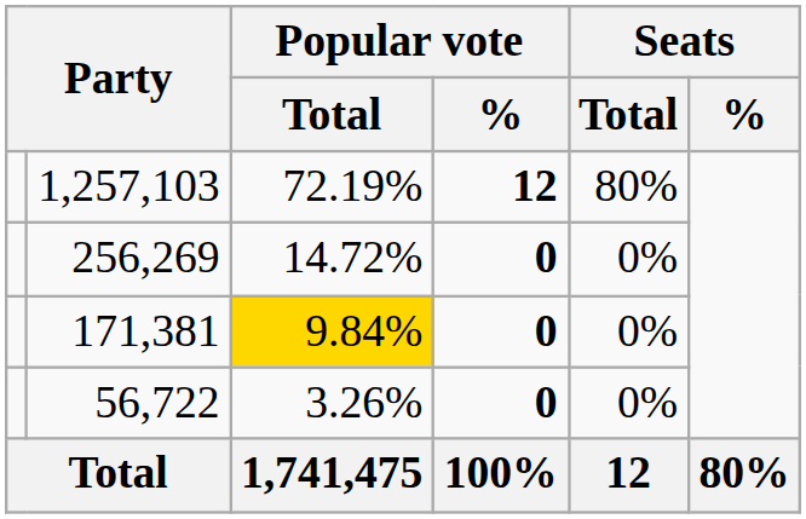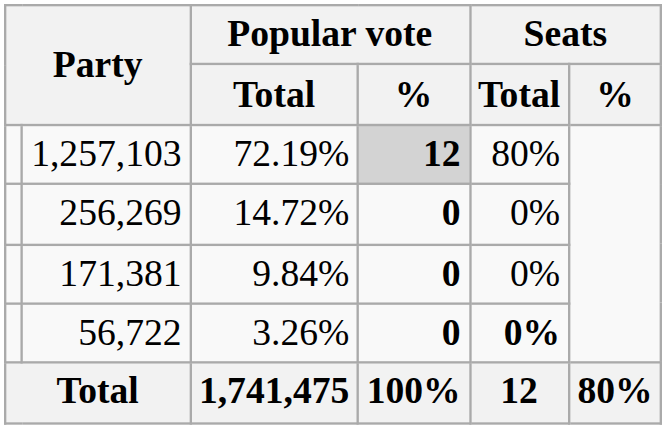 <table class=wikitable style="text-align:right;">
 <tr>
 <th rowspan=2 colspan=2>Party</th>
 <th colspan=2>Popular vote</th>
 <th colspan=2>Seats</th>
 </tr>
 <tr>
 <th>Total</th>
 <th>%</th>
 <th>Total</th>
 <th>%</th>
 </tr>
 <tr>
 <td></td>
 <td>1,257,103</td>
 <td>72.19%</td>
-<td><strong>12</strong></td>
+<td style="background: lightgrey;"><strong>12</strong></td>
 <td>80%</td>
 </tr>
 <tr>
 <td></td>
 <td>256,269</td>
 <td>14.72%</td>
 <td><strong>0</strong></td>
 <td>0%</td>
 </tr>
 <tr>
 <td></td>
 <td>171,381</td>
-<td style="background: gold;">9.84%</td>
+<td>9.84%</td>
 <td><strong>0</strong></td>
 <td>0%</td>
 </tr>
 <tr>
 <td></td>
 <td>56,722</td>
 <td>3.26%</td>
 <td><strong>0</strong></td>
-<td>0%</td>
+<td><strong>0%</strong></td>
 </tr>
 <tr>
 <th colspan=2>Total</th>
 <th>1,741,475</th>
 <th>100%</th>
 <th>12</th>
 <th>80%</th>
 </tr>
 </table>
